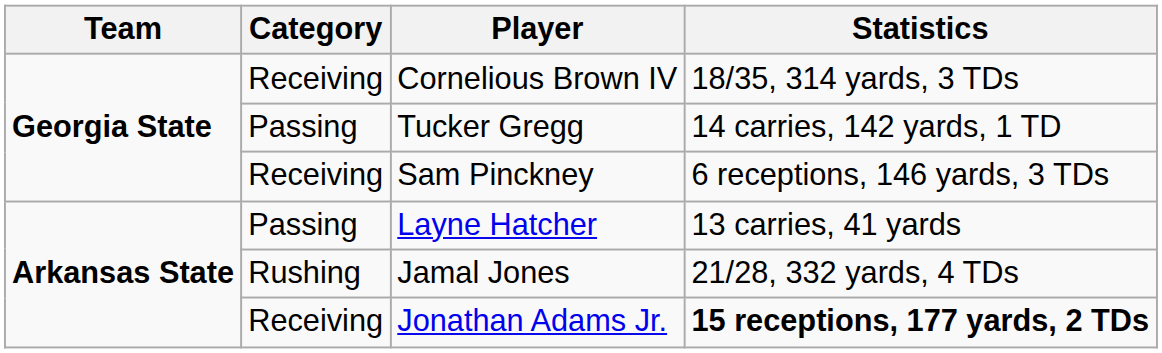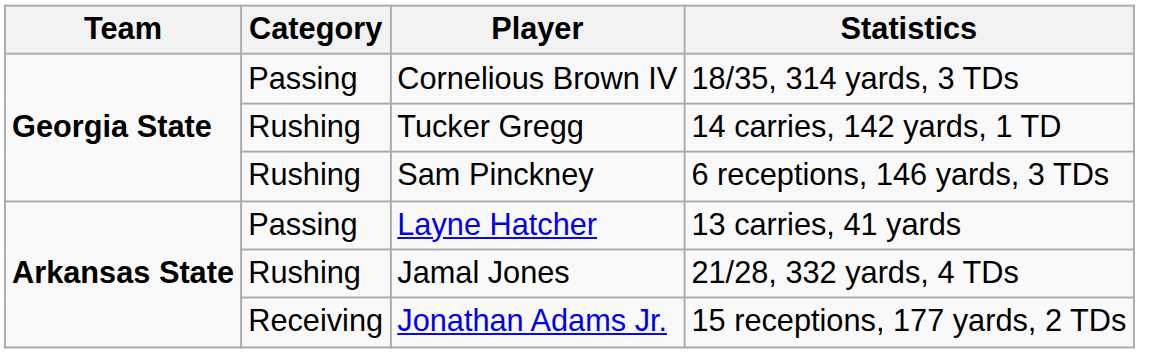 <table class="wikitable" style="float: left;">
 <tr>
 <th>Team</th>
 <th>Category</th>
 <th>Player</th>
 <th>Statistics</th>
 </tr>
 <tr>
 <td rowspan=3><strong>Georgia State</strong></td>
-<td>Receiving</td>
+<td>Passing</td>
 <td>Cornelious Brown IV</td>
 <td>18/35, 314 yards, 3 TDs</td>
 </tr>
 <tr>
-<td>Passing</td>
+<td>Rushing</td>
 <td>Tucker Gregg</td>
 <td>14 carries, 142 yards, 1 TD</td>
 </tr>
 <tr>
-<td>Receiving</td>
+<td>Rushing</td>
 <td>Sam Pinckney</td>
 <td>6 receptions, 146 yards, 3 TDs</td>
 </tr>
 <tr>
 <td rowspan=3><strong>Arkansas State</strong></td>
 <td>Passing</td>
 <td><a href='#'>Layne Hatcher</a></td>
 <td>13 carries, 41 yards</td>
 </tr>
 <tr>
 <td>Rushing</td>
 <td>Jamal Jones</td>
 <td>21/28, 332 yards, 4 TDs</td>
 </tr>
 <tr>
 <td>Receiving</td>
 <td><a href='#'>Jonathan Adams Jr.</a></td>
-<td><strong>15 receptions, 177 yards, 2 TDs</strong></td>
+<td>15 receptions, 177 yards, 2 TDs</td>
 </tr>
 </table>
